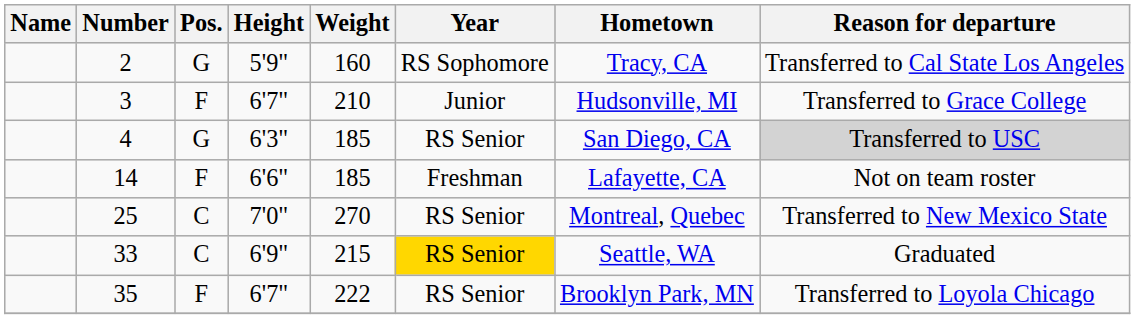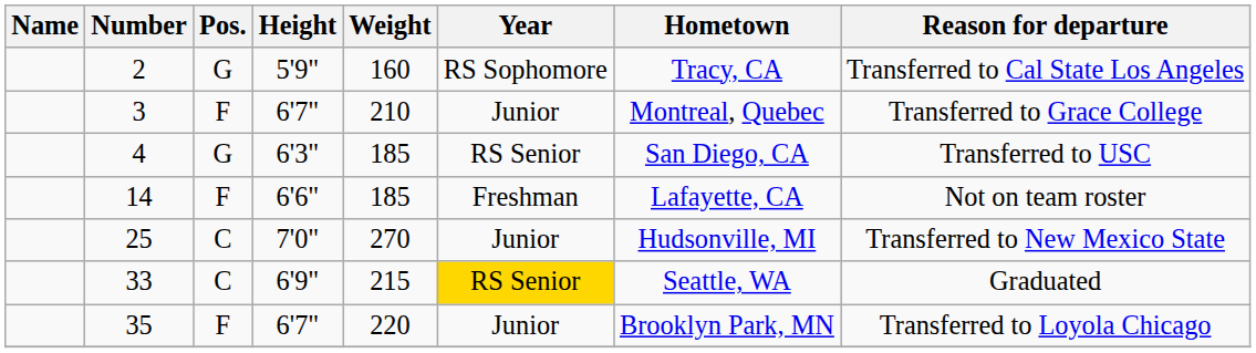 <table class="wikitable sortable sortable" style="text-align: center">
 <tr align=center>
 <th>Name</th>
 <th>Number</th>
 <th>Pos.</th>
 <th>Height</th>
 <th>Weight</th>
 <th>Year</th>
 <th>Hometown</th>
 <th>Reason for departure</th>
 </tr>
 <tr>
 <td></td>
 <td>2</td>
 <td>G</td>
 <td>5'9"</td>
 <td>160</td>
 <td>RS Sophomore</td>
 <td><a href='#'>Tracy, CA</a></td>
 <td>Transferred to <a href='#'> Cal State Los Angeles</a></td>
 </tr>
 <tr>
 <td></td>
 <td>3</td>
 <td>F</td>
 <td>6'7"</td>
 <td>210</td>
 <td>Junior</td>
-<td><a href='#'>Hudsonville, MI</a></td>
+<td><a href='#'>Montreal</a>, <a href='#'>Quebec</a></td>
 <td>Transferred to <a href='#'> Grace College</a></td>
 </tr>
 <tr>
 <td></td>
 <td>4</td>
 <td>G</td>
 <td>6'3"</td>
 <td>185</td>
 <td>RS Senior</td>
 <td><a href='#'>San Diego, CA</a></td>
-<td style="background: lightgrey;">Transferred to <a href='#'> USC</a></td>
+<td>Transferred to <a href='#'> USC</a></td>
 </tr>
 <tr>
 <td></td>
 <td>14</td>
 <td>F</td>
 <td>6'6"</td>
 <td>185</td>
 <td>Freshman</td>
 <td><a href='#'>Lafayette, CA</a></td>
 <td>Not on team roster</td>
 </tr>
 <tr>
 <td></td>
 <td>25</td>
 <td>C</td>
 <td>7'0"</td>
 <td>270</td>
-<td>RS Senior</td>
-<td><a href='#'>Montreal</a>, <a href='#'>Quebec</a></td>
+<td>Junior</td>
+<td><a href='#'>Hudsonville, MI</a></td>
 <td>Transferred to <a href='#'> New Mexico State</a></td>
 </tr>
 <tr>
 <td></td>
 <td>33</td>
 <td>C</td>
 <td>6'9"</td>
 <td>215</td>
 <td style="background: gold;">RS Senior</td>
 <td><a href='#'>Seattle, WA</a></td>
 <td>Graduated</td>
 </tr>
 <tr>
 <td></td>
 <td>35</td>
 <td>F</td>
 <td>6'7"</td>
-<td>222</td>
-<td>RS Senior</td>
+<td>220</td>
+<td>Junior</td>
 <td><a href='#'>Brooklyn Park, MN</a></td>
 <td>Transferred to <a href='#'> Loyola Chicago</a></td>
 </tr>
 <tr>
 </tr>
 </table>
